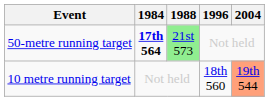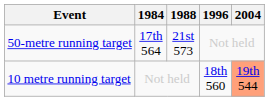 <table class="wikitable" style="text-align: center">
 <tr>
 <th>Event</th>
 <th>1984</th>
 <th>1988</th>
 <th>1996</th>
 <th>2004</th>
 </tr>
 <tr>
 <td align=left><a href='#'>50-metre running target</a></td>
-<td><strong><a href='#'>17th</a><br>564</strong></td>
-<td style="background: lightgreen;"><a href='#'>21st</a><br>573</td>
+<td><a href='#'>17th</a><br>564</td>
+<td><a href='#'>21st</a><br>573</td>
 <td colspan=2 style="color: #cccccc">Not held</td>
 </tr>
 <tr>
 <td align=left><a href='#'>10 metre running target</a></td>
 <td colspan=2 style="color: #cccccc">Not held</td>
 <td><a href='#'>18th</a><br>560</td>
 <td style="background: lightsalmon;"><a href='#'>19th</a><br>544</td>
 </tr>
 </table>
